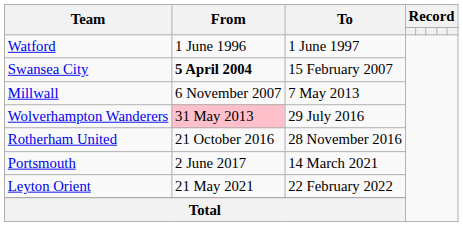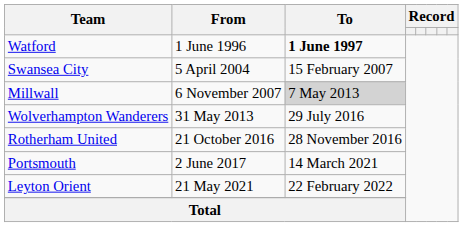 <table class=wikitable style="text-align:center">
 <tr>
 <th rowspan=2>Team</th>
 <th rowspan=2>From</th>
 <th rowspan=2>To</th>
 <th colspan=5>Record</th>
 </tr>
 <tr>
 <th></th>
 <th></th>
 <th></th>
 <th></th>
 <th></th>
 </tr>
 <tr>
 <td align=left><a href='#'>Watford</a></td>
 <td align=left>1 June 1996</td>
-<td align=left>1 June 1997<br></td>
+<td align=left><strong>1 June 1997<br></strong></td>
 </tr>
 <tr>
 <td align=left><a href='#'>Swansea City</a></td>
-<td align=left><strong>5 April 2004</strong></td>
+<td align=left>5 April 2004</td>
 <td align=left>15 February 2007<br></td>
 </tr>
 <tr>
 <td align=left><a href='#'>Millwall</a></td>
 <td align=left>6 November 2007</td>
-<td align=left>7 May 2013<br></td>
+<td align=left style="background: lightgrey;">7 May 2013<br></td>
 </tr>
 <tr>
 <td align=left><a href='#'>Wolverhampton Wanderers</a></td>
-<td align=left style="background: pink;">31 May 2013</td>
+<td align=left>31 May 2013</td>
 <td align=left>29 July 2016<br></td>
 </tr>
 <tr>
 <td align=left><a href='#'>Rotherham United</a></td>
 <td align=left>21 October 2016</td>
 <td align=left>28 November 2016<br></td>
 </tr>
 <tr>
 <td align=left><a href='#'>Portsmouth</a></td>
 <td align=left>2 June 2017</td>
 <td align=left>14 March 2021<br></td>
 </tr>
 <tr>
 <td align=left><a href='#'>Leyton Orient</a></td>
 <td align=left>21 May 2021</td>
 <td align=left>22 February 2022<br></td>
 </tr>
 <tr>
 </tr>
 <tr>
 <th colspan=3>Total<br></th>
 </tr>
 </table>
